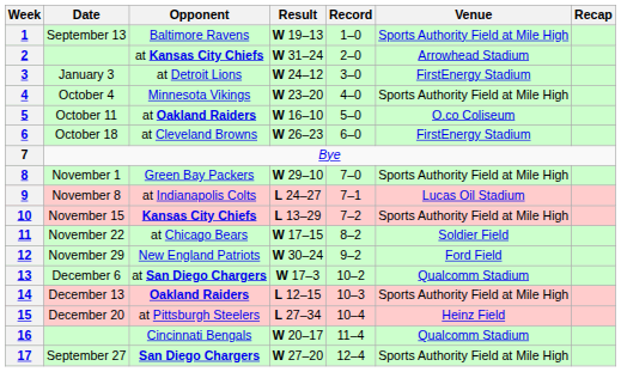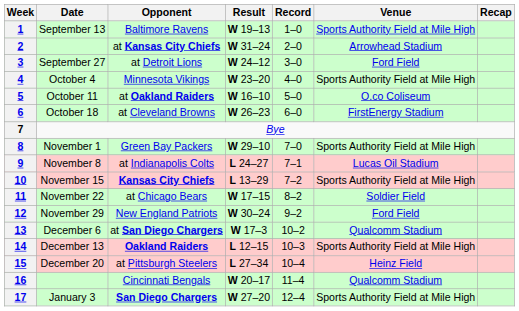 <table class="wikitable" style="text-align:center">
 <tr>
 <th>Week</th>
 <th>Date</th>
 <th>Opponent</th>
 <th>Result</th>
 <th>Record</th>
 <th>Venue</th>
 <th>Recap</th>
 </tr>
 <tr style="background:#cfc">
 <th><a href='#'>1</a></th>
 <td>September 13</td>
 <td><a href='#'>Baltimore Ravens</a></td>
 <td><strong>W</strong> 19–13</td>
 <td>1–0</td>
 <td><a href='#'>Sports Authority Field at Mile High</a></td>
 <td></td>
 </tr>
 <tr style="background:#cfc">
 <th><a href='#'>2</a></th>
 <td></td>
 <td>at <strong><a href='#'>Kansas City Chiefs</a></strong></td>
 <td><strong>W</strong> 31–24</td>
 <td>2–0</td>
 <td><a href='#'>Arrowhead Stadium</a></td>
 <td></td>
 </tr>
 <tr style="background:#cfc">
 <th><a href='#'>3</a></th>
-<td>January 3</td>
+<td>September 27</td>
 <td>at <a href='#'>Detroit Lions</a></td>
 <td><strong>W</strong> 24–12</td>
 <td>3–0</td>
-<td><a href='#'>FirstEnergy Stadium</a></td>
+<td><a href='#'>Ford Field</a></td>
 <td></td>
 </tr>
 <tr style="background:#cfc">
 <th><a href='#'>4</a></th>
 <td>October 4</td>
 <td><a href='#'>Minnesota Vikings</a></td>
 <td><strong>W</strong> 23–20</td>
 <td>4–0</td>
 <td>Sports Authority Field at Mile High</td>
 <td></td>
 </tr>
 <tr style="background:#cfc">
 <th><a href='#'>5</a></th>
 <td>October 11</td>
 <td>at <strong><a href='#'>Oakland Raiders</a></strong></td>
 <td><strong>W</strong> 16–10</td>
 <td>5–0</td>
 <td><a href='#'>O.co Coliseum</a></td>
 <td></td>
 </tr>
 <tr style="background:#cfc">
 <th><a href='#'>6</a></th>
 <td>October 18</td>
 <td>at <a href='#'>Cleveland Browns</a></td>
 <td><strong>W</strong> 26–23 </td>
 <td>6–0</td>
 <td><a href='#'>FirstEnergy Stadium</a></td>
 <td></td>
 </tr>
 <tr>
 <th>7</th>
 <td colspan="6"><em><a href='#'>Bye</a></em></td>
 </tr>
 <tr style="background:#cfc">
 <th><a href='#'>8</a></th>
 <td>November 1</td>
 <td><a href='#'>Green Bay Packers</a></td>
 <td><strong>W</strong> 29–10</td>
 <td>7–0</td>
 <td>Sports Authority Field at Mile High</td>
 <td></td>
 </tr>
 <tr style="background:#fcc">
 <th><a href='#'>9</a></th>
 <td>November 8</td>
 <td>at <a href='#'>Indianapolis Colts</a></td>
 <td><strong>L</strong> 24–27</td>
 <td>7–1</td>
 <td><a href='#'>Lucas Oil Stadium</a></td>
 <td></td>
 </tr>
 <tr style="background:#fcc">
 <th><a href='#'>10</a></th>
 <td>November 15</td>
 <td><strong><a href='#'>Kansas City Chiefs</a></strong></td>
 <td><strong>L</strong> 13–29</td>
 <td>7–2</td>
 <td>Sports Authority Field at Mile High</td>
 <td></td>
 </tr>
 <tr style="background:#cfc">
 <th><a href='#'>11</a></th>
 <td>November 22</td>
 <td>at <a href='#'>Chicago Bears</a></td>
 <td><strong>W</strong> 17–15</td>
 <td>8–2</td>
 <td><a href='#'>Soldier Field</a></td>
 <td></td>
 </tr>
 <tr style="background:#cfc">
 <th><a href='#'>12</a></th>
 <td>November 29</td>
 <td><a href='#'>New England Patriots</a></td>
 <td><strong>W</strong> 30–24 </td>
 <td>9–2</td>
 <td><a href='#'>Ford Field</a></td>
 <td></td>
 </tr>
 <tr style="background:#cfc">
 <th><a href='#'>13</a></th>
 <td>December 6</td>
 <td>at <strong><a href='#'>San Diego Chargers</a></strong></td>
 <td><strong>W</strong> 17–3</td>
 <td>10–2</td>
 <td><a href='#'>Qualcomm Stadium</a></td>
 <td></td>
 </tr>
 <tr style="background:#fcc">
 <th><a href='#'>14</a></th>
 <td>December 13</td>
 <td><strong><a href='#'>Oakland Raiders</a></strong></td>
 <td><strong>L</strong> 12–15</td>
 <td>10–3</td>
 <td>Sports Authority Field at Mile High</td>
 <td></td>
 </tr>
 <tr style="background:#fcc">
 <th><a href='#'>15</a></th>
 <td>December 20</td>
 <td>at <a href='#'>Pittsburgh Steelers</a></td>
 <td><strong>L</strong> 27–34</td>
 <td>10–4</td>
 <td><a href='#'>Heinz Field</a></td>
 <td></td>
 </tr>
 <tr style="background:#cfc">
 <th><a href='#'>16</a></th>
 <td></td>
 <td><a href='#'>Cincinnati Bengals</a></td>
 <td><strong>W</strong> 20–17 </td>
 <td>11–4</td>
 <td><a href='#'>Qualcomm Stadium</a></td>
 <td></td>
 </tr>
 <tr style="background:#cfc">
 <th><a href='#'>17</a></th>
-<td>September 27</td>
+<td>January 3</td>
 <td><strong><a href='#'>San Diego Chargers</a></strong></td>
 <td><strong>W</strong> 27–20</td>
 <td>12–4</td>
 <td>Sports Authority Field at Mile High</td>
 <td></td>
 </tr>
 </table>
